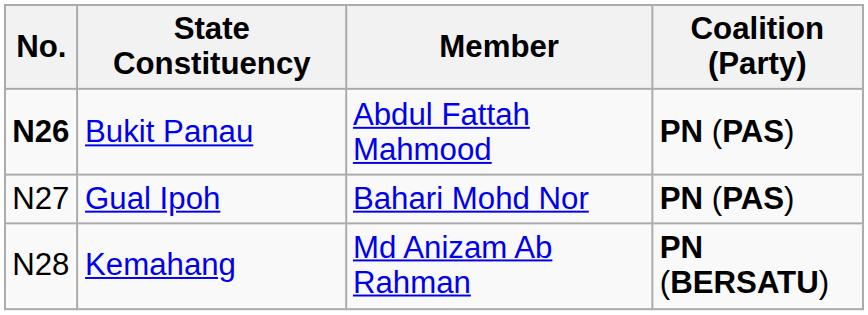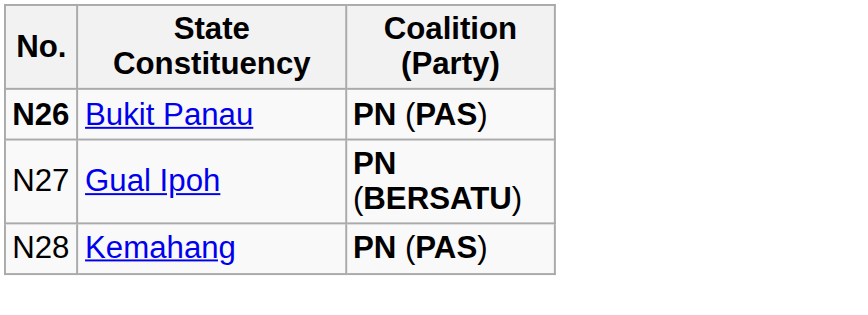 <table class="wikitable">
 <tr>
 <th width="30">No.</th>
 <th width="130">State Constituency</th>
-<th width="150">Member</th>
 <th width="100">Coalition (Party)</th>
 </tr>
 <tr>
 <td><strong>N26</strong></td>
 <td><a href='#'>Bukit Panau</a></td>
-<td><a href='#'>Abdul Fattah Mahmood</a></td>
 <td style="background:"><strong>PN</strong> (<strong>PAS</strong>)</td>
 </tr>
 <tr>
 <td>N27</td>
 <td><a href='#'>Gual Ipoh</a></td>
-<td><a href='#'>Bahari Mohd Nor</a></td>
-<td style="background:"><strong>PN</strong> (<strong>PAS</strong>)</td>
+<td style="background:"><strong>PN</strong> (<strong>BERSATU</strong>)</td>
 </tr>
 <tr>
 <td>N28</td>
 <td><a href='#'>Kemahang</a></td>
-<td><a href='#'>Md Anizam Ab Rahman</a></td>
-<td style="background:"><strong>PN</strong> (<strong>BERSATU</strong>)</td>
+<td style="background:"><strong>PN</strong> (<strong>PAS</strong>)</td>
 </tr>
 </table>
